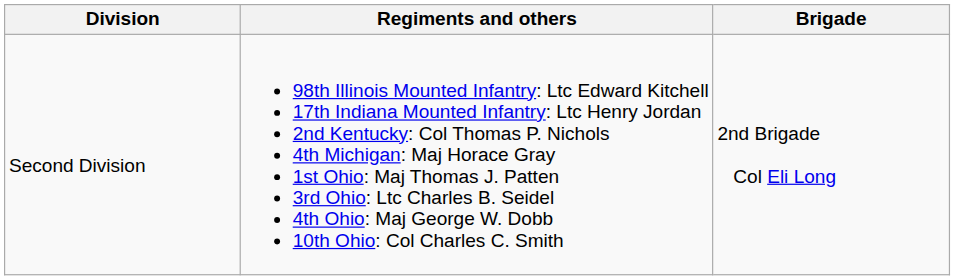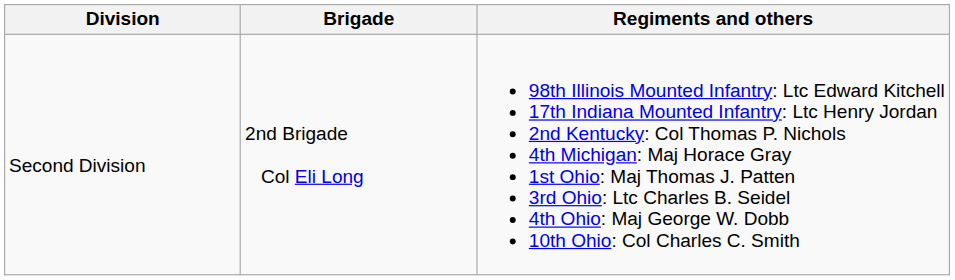 <table class="wikitable">
 <tr>
 <th width=25%>Division</th>
+<th width=25%>Brigade</th>
 <th>Regiments and others</th>
-<th width=25%>Brigade</th>
 </tr>
 <tr>
 <td rowspan=1><br>Second Division</td>
+<td>2nd Brigade<br><br>   Col <a href='#'>Eli Long</a></td>
 <td><br><ul><li><a href='#'>98th Illinois Mounted Infantry</a>: Ltc Edward Kitchell</li><li><a href='#'>17th Indiana Mounted Infantry</a>: Ltc Henry Jordan</li><li><a href='#'>2nd Kentucky</a>: Col Thomas P. Nichols</li><li><a href='#'>4th Michigan</a>: Maj Horace Gray</li><li><a href='#'>1st Ohio</a>: Maj Thomas J. Patten</li><li><a href='#'>3rd Ohio</a>: Ltc Charles B. Seidel</li><li><a href='#'>4th Ohio</a>: Maj George W. Dobb</li><li><a href='#'>10th Ohio</a>: Col Charles C. Smith</li></ul></td>
-<td>2nd Brigade<br><br>   Col <a href='#'>Eli Long</a></td>
 </tr>
 </table>
